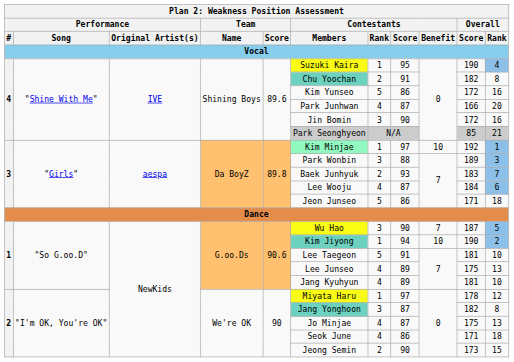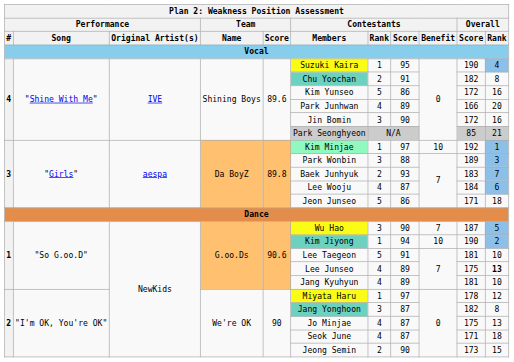 <table class="wikitable sortable mw-collapsible mw-collapsed" style="font-size:90%; text-align:center; ">
 <tr>
 <th colspan="11">Plan 2: Weakness Position Assessment</th>
 </tr>
 <tr>
 <th colspan="3">Performance</th>
 <th colspan="2">Team</th>
 <th colspan="4">Contestants</th>
 <th colspan="2">Overall</th>
 </tr>
 <tr>
 <th>#</th>
 <th>Song</th>
 <th>Original Artist(s)</th>
 <th>Name</th>
 <th>Score</th>
 <th>Members</th>
 <th>Rank</th>
 <th>Score</th>
 <th>Benefit</th>
 <th>Score</th>
 <th>Rank</th>
 </tr>
 <tr>
 <th colspan="11" style="background:#87cdec">Vocal</th>
 </tr>
 <tr>
 <th rowspan="6">4</th>
 <td rowspan="6">"<a href='#'>Shine With Me</a>"</td>
 <td rowspan="6"><a href='#'>IVE</a></td>
 <td rowspan="6">Shining Boys</td>
 <td rowspan="6">89.6</td>
 <td style="background:#fafc15">Suzuki Kaira</td>
 <td>1</td>
 <td>95</td>
 <td rowspan="6">0</td>
 <td>190</td>
 <td style="background:#8cc0e9">4</td>
 </tr>
 <tr>
 <td style="background:#6CD1BF">Chu Yoochan</td>
 <td>2</td>
 <td>91</td>
 <td>182</td>
 <td>8</td>
 </tr>
 <tr>
 <td>Kim Yunseo</td>
 <td>5</td>
 <td>86</td>
 <td>172</td>
 <td>16</td>
 </tr>
 <tr>
 <td>Park Junhwan</td>
 <td>4</td>
-<td>87</td>
+<td>89</td>
 <td>166</td>
 <td>20</td>
 </tr>
 <tr>
 <td>Jin Bomin</td>
 <td>3</td>
 <td>90</td>
 <td>172</td>
 <td>16</td>
 </tr>
 <tr>
 <td style="background:#CCCCCC">Park Seonghyeon</td>
 <td colspan="2" style="background:#CCCCCC">N/A</td>
 <td style="background:#CCCCCC">85</td>
 <td style="background:#CCCCCC">21</td>
 </tr>
 <tr>
 <th rowspan="5">3</th>
 <td rowspan="5">"<a href='#'>Girls</a>"</td>
 <td rowspan="5"><a href='#'>aespa</a></td>
 <td rowspan="5" style="background:#FFC06F">Da BoyZ</td>
 <td rowspan="5" style="background:#FFC06F">89.8</td>
 <td style="background:#90F9C0">Kim Minjae</td>
 <td>1</td>
 <td>97</td>
 <td>10</td>
 <td>192</td>
 <td style="background:#8cc0e9">1</td>
 </tr>
 <tr>
 <td>Park Wonbin</td>
 <td>3</td>
 <td>88</td>
 <td rowspan="4">7</td>
 <td>189</td>
 <td style="background:#8cc0e9">3</td>
 </tr>
 <tr>
 <td>Baek Junhyuk</td>
 <td>2</td>
 <td>93</td>
 <td>183</td>
 <td style="background:#8cc0e9">7</td>
 </tr>
 <tr>
 <td>Lee Wooju</td>
 <td>4</td>
 <td>87</td>
 <td>184</td>
 <td style="background:#8cc0e9">6</td>
 </tr>
 <tr>
 <td>Jeon Junseo</td>
 <td>5</td>
 <td>86</td>
 <td>171</td>
 <td>18</td>
 </tr>
 <tr>
 <th colspan="11" style="background:#e48d4a">Dance</th>
 </tr>
 <tr>
 <th rowspan="5">1</th>
 <td rowspan="5">"So G.oo.D"</td>
 <td rowspan="10">NewKids</td>
 <td rowspan="5" style="background:#FFC06F">G.oo.Ds</td>
 <td rowspan="5" style="background:#FFC06F">90.6</td>
 <td style="background:#fafc15">Wu Hao</td>
 <td>3</td>
 <td>90</td>
 <td>7</td>
 <td>187</td>
 <td style="background:#8cc0e9">5</td>
 </tr>
 <tr>
 <td style="background:#6CD1BF">Kim Jiyong</td>
 <td>1</td>
 <td>94</td>
 <td>10</td>
 <td>190</td>
 <td style="background:#8cc0e9">2</td>
 </tr>
 <tr>
 <td>Lee Taegeon</td>
 <td>5</td>
 <td>91</td>
 <td rowspan="3">7</td>
 <td>181</td>
 <td>10</td>
 </tr>
 <tr>
 <td>Lee Junseo</td>
 <td>4</td>
 <td>89</td>
 <td>175</td>
-<td>13</td>
+<td><strong>13</strong></td>
 </tr>
 <tr>
 <td>Jang Kyuhyun</td>
 <td>4</td>
 <td>89</td>
 <td>181</td>
 <td>10</td>
 </tr>
 <tr>
 <th rowspan="5">2</th>
 <td rowspan="5">"I'm OK, You're OK"</td>
 <td rowspan="5">We're OK</td>
 <td rowspan="5">90</td>
 <td style="background:#fafc15">Miyata Haru</td>
 <td>1</td>
 <td>97</td>
 <td rowspan="5">0</td>
 <td>178</td>
 <td>12</td>
 </tr>
 <tr>
 <td style="background:#6CD1BF">Jang Yonghoon</td>
 <td>3</td>
 <td>87</td>
 <td>182</td>
 <td>8</td>
 </tr>
 <tr>
 <td>Jo Minjae</td>
 <td>4</td>
 <td>87</td>
 <td>175</td>
 <td>13</td>
 </tr>
 <tr>
 <td>Seok June</td>
 <td>4</td>
-<td>86</td>
+<td>87</td>
 <td>171</td>
 <td>18</td>
 </tr>
 <tr>
 <td>Jeong Semin</td>
 <td>2</td>
 <td>90</td>
 <td>173</td>
 <td>15</td>
 </tr>
 </table>
